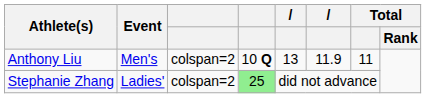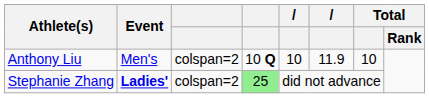 <table class="wikitable" style="font-size:90%">
 <tr>
 <th rowspan="2">Athlete(s)</th>
 <th rowspan="2">Event</th>
 <th></th>
 <th></th>
 <th>/</th>
 <th>/</th>
 <th colspan="2">Total</th>
 </tr>
 <tr>
 <th></th>
 <th></th>
 <th></th>
 <th></th>
 <th></th>
 <th>Rank</th>
 </tr>
 <tr align="center">
 <td align="left"><a href='#'>Anthony Liu</a></td>
 <td align="left"><a href='#'>Men's</a></td>
 <td>colspan=2 </td>
 <td>10 <strong>Q</strong></td>
-<td>13</td>
+<td>10</td>
 <td>11.9</td>
-<td>11</td>
+<td>10</td>
 </tr>
 <tr align="center">
 <td align="left"><a href='#'>Stephanie Zhang</a></td>
-<td align="left"><a href='#'>Ladies'</a></td>
+<td align="left"><strong><a href='#'>Ladies'</a></strong></td>
 <td>colspan=2 </td>
 <td style="background: lightgreen;">25</td>
 <td colspan=3>did not advance</td>
 </tr>
 </table>
